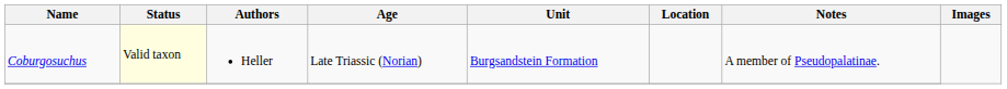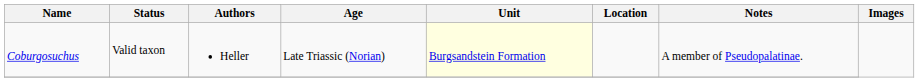 <table class="wikitable sortable" align="center" width="100%">
 <tr>
 <th>Name</th>
 <th>Status</th>
 <th colspan="2">Authors</th>
 <th>Age</th>
 <th>Unit</th>
 <th>Location</th>
 <th class="unsortable">Notes</th>
 <th class="unsortable">Images</th>
 </tr>
 <tr>
 <td><br><em><a href='#'>Coburgosuchus</a></em></td>
-<td style="background: lightyellow;">Valid taxon</td>
+<td>Valid taxon</td>
 <td style="border-right:0px" valign="top"><br><ul><li>Heller</li></ul></td>
 <td style="border-left:0px" valign="top"></td>
 <td><br>Late Triassic (<a href='#'>Norian</a>)</td>
-<td><br><a href='#'>Burgsandstein Formation</a></td>
+<td style="background: lightyellow;"><br><a href='#'>Burgsandstein Formation</a></td>
 <td><br></td>
 <td><br>A member of <a href='#'>Pseudopalatinae</a>.</td>
 <td rowspan="35"></td>
 </tr>
 <tr>
 </tr>
 </table>
